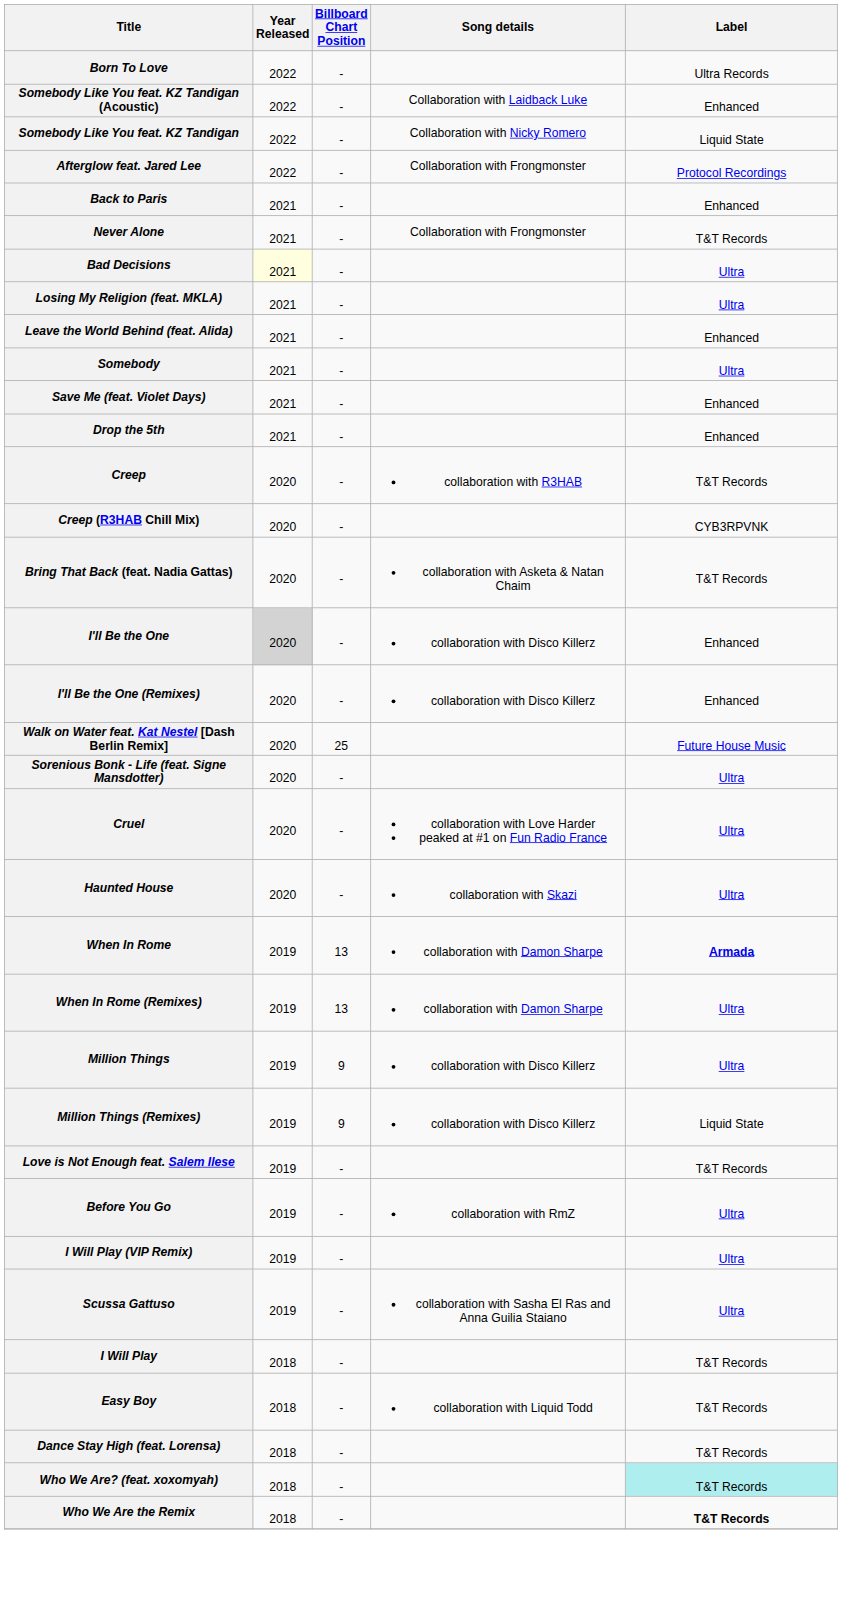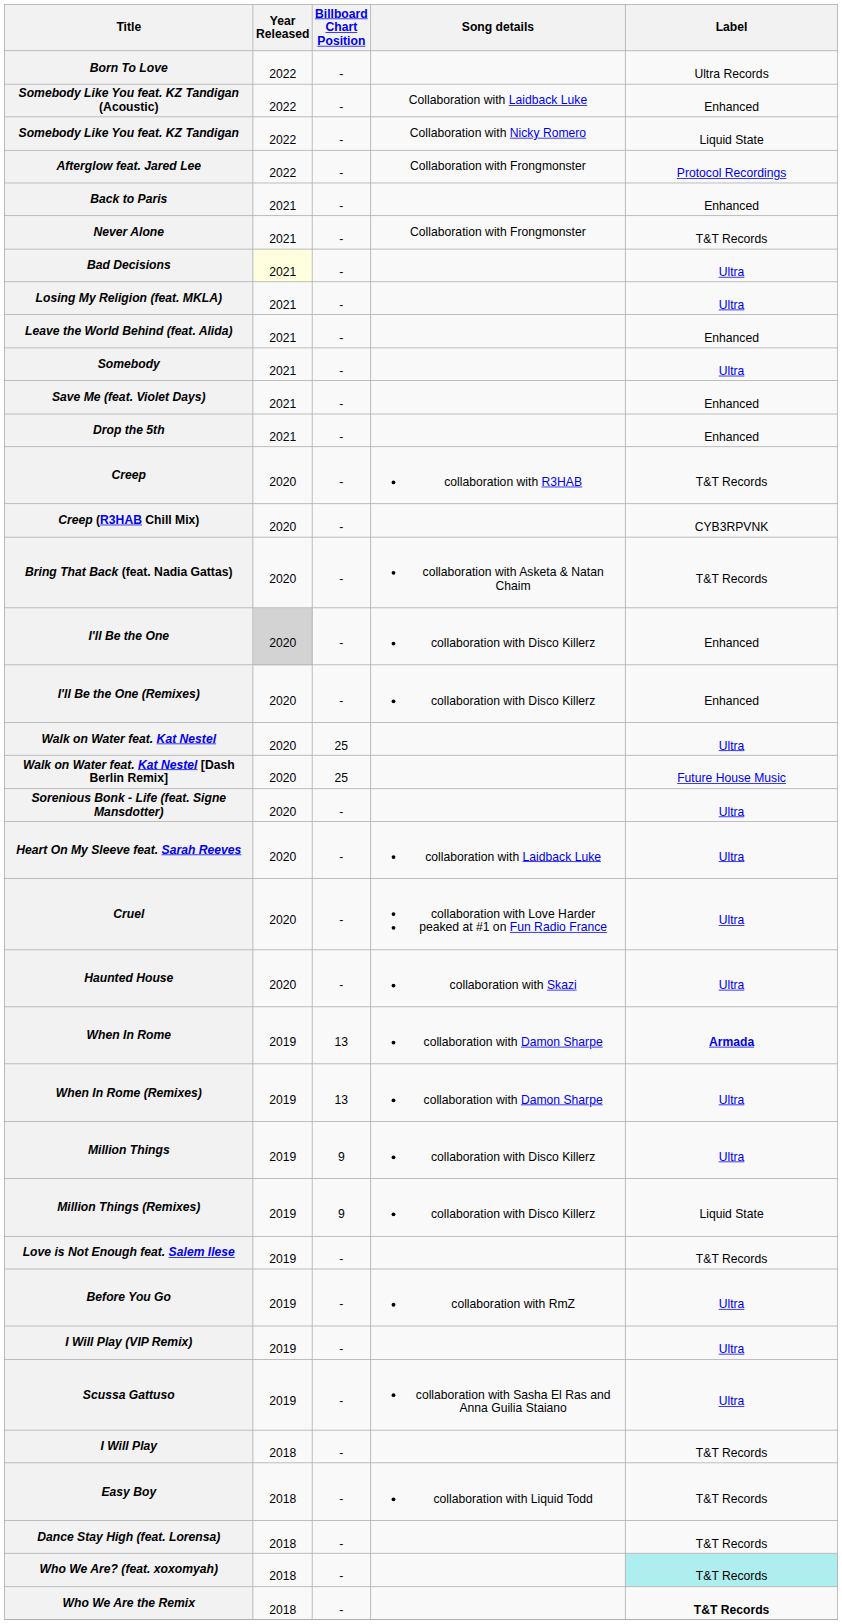 <table class="wikitable sortable" style="text-align:center;" border="1">
 <tr>
 <th scope="col" style="width:20em;">Title</th>
 <th scope="col" style="width:3em;">Year Released</th>
 <th scope="col" style="width:3em;"><a href='#'>Billboard Chart Position</a></th>
 <th scope="col" style="width:20.5em;">Song details</th>
 <th scope="col" style="width:17em;">Label</th>
 </tr>
 <tr>
 <th scope="row"><em>Born To Love</em></th>
 <td><br>2022</td>
 <td><br>-</td>
 <td></td>
 <td><br>Ultra Records</td>
 </tr>
 <tr>
 <th scope="row"><em>Somebody Like You feat. KZ Tandigan</em> (Acoustic)</th>
 <td><br>2022</td>
 <td><br>-</td>
 <td>Collaboration with <a href='#'>Laidback Luke</a></td>
 <td><br>Enhanced</td>
 </tr>
 <tr>
 <th scope="row"><em>Somebody Like You feat. KZ Tandigan</em></th>
 <td><br>2022</td>
 <td><br>-</td>
 <td>Collaboration with <a href='#'>Nicky Romero</a></td>
 <td><br>Liquid State</td>
 </tr>
 <tr>
 <th scope="row"><em>Afterglow feat. Jared Lee</em></th>
 <td><br>2022</td>
 <td><br>-</td>
 <td>Collaboration with Frongmonster</td>
 <td><br><a href='#'>Protocol Recordings</a></td>
 </tr>
 <tr>
 <th scope="row"><em>Back to Paris</em></th>
 <td><br>2021</td>
 <td><br>-</td>
 <td></td>
 <td><br>Enhanced</td>
 </tr>
 <tr>
 <th scope="row"><em>Never Alone</em></th>
 <td><br>2021</td>
 <td><br>-</td>
 <td>Collaboration with Frongmonster</td>
 <td><br>T&T Records</td>
 </tr>
 <tr>
 <th scope="row"><em>Bad Decisions</em></th>
 <td style="background: lightyellow;"><br>2021</td>
 <td><br>-</td>
 <td></td>
 <td><br><a href='#'>Ultra</a></td>
 </tr>
 <tr>
 <th scope="row"><em>Losing My Religion (feat. MKLA)</em></th>
 <td><br>2021</td>
 <td><br>-</td>
 <td></td>
 <td><br><a href='#'>Ultra</a></td>
 </tr>
 <tr>
 <th scope="row"><em>Leave the World Behind (feat. Alida)</em></th>
 <td><br>2021</td>
 <td><br>-</td>
 <td></td>
 <td><br>Enhanced</td>
 </tr>
 <tr>
 <th scope="row"><em>Somebody</em></th>
 <td><br>2021</td>
 <td><br>-</td>
 <td></td>
 <td><br><a href='#'>Ultra</a></td>
 </tr>
 <tr>
 <th scope="row"><em>Save Me (feat. Violet Days)</em></th>
 <td><br>2021</td>
 <td><br>-</td>
 <td></td>
 <td><br>Enhanced</td>
 </tr>
 <tr>
 <th scope="row"><em>Drop the 5th</em></th>
 <td><br>2021</td>
 <td><br>-</td>
 <td></td>
 <td><br>Enhanced</td>
 </tr>
 <tr>
 <th scope="row"><em>Creep</em></th>
 <td><br>2020</td>
 <td><br>-</td>
 <td><br><ul><li>collaboration with <a href='#'>R3HAB</a></li></ul></td>
 <td><br>T&T Records</td>
 </tr>
 <tr>
 <th scope="row"><em>Creep</em> (<a href='#'>R3HAB</a> Chill Mix)</th>
 <td><br>2020</td>
 <td><br>-</td>
 <td></td>
 <td><br>CYB3RPVNK</td>
 </tr>
 <tr>
 <th scope="row"><em>Bring That Back</em> (feat. Nadia Gattas)</th>
 <td><br>2020</td>
 <td><br>-</td>
 <td><br><ul><li>collaboration with Asketa & Natan Chaim</li></ul></td>
 <td><br>T&T Records</td>
 </tr>
 <tr>
 <th scope="row"><em>I'll Be the One</em></th>
 <td style="background: lightgrey;"><br>2020</td>
 <td><br>-</td>
 <td><br><ul><li>collaboration with Disco Killerz</li></ul></td>
 <td><br>Enhanced</td>
 </tr>
 <tr>
 <th scope="row"><em>I'll Be the One (Remixes)</em></th>
 <td><br>2020</td>
 <td><br>-</td>
 <td><br><ul><li>collaboration with Disco Killerz</li></ul></td>
 <td><br>Enhanced</td>
 </tr>
 <tr>
+<th scope="row"><em>Walk on Water feat. <a href='#'>Kat Nestel</a></em></th>
+<td><br>2020</td>
+<td><br>25</td>
+<td></td>
+<td><br><a href='#'>Ultra</a></td>
+</tr>
+<tr>
 <th scope="row"><em>Walk on Water feat. <a href='#'>Kat Nestel</a></em> [Dash Berlin Remix]</th>
 <td><br>2020</td>
 <td><br>25</td>
 <td></td>
 <td><br><a href='#'>Future House Music</a></td>
 </tr>
 <tr>
 <th scope="row"><em>Sorenious Bonk - Life (feat. Signe Mansdotter)</em></th>
 <td><br>2020</td>
 <td><br>-</td>
 <td></td>
+<td><br><a href='#'>Ultra</a></td>
+</tr>
+<tr>
+<th scope="row"><em>Heart On My Sleeve feat. <a href='#'>Sarah Reeves</a></em></th>
+<td><br>2020</td>
+<td><br>-</td>
+<td><br><ul><li>collaboration with <a href='#'>Laidback Luke</a></li></ul></td>
 <td><br><a href='#'>Ultra</a></td>
 </tr>
 <tr>
 <th scope="row"><em>Cruel</em></th>
 <td><br>2020</td>
 <td><br>-</td>
 <td><br><ul><li>collaboration with Love Harder</li><li>peaked at #1 on <a href='#'>Fun Radio France</a></li></ul></td>
 <td><br><a href='#'>Ultra</a></td>
 </tr>
 <tr>
 <th scope="row"><em>Haunted House </em></th>
 <td><br>2020</td>
 <td><br>-</td>
 <td><br><ul><li>collaboration with <a href='#'>Skazi</a></li></ul></td>
 <td><br><a href='#'>Ultra</a></td>
 </tr>
 <tr>
 <th scope="row"><em>When In Rome </em></th>
 <td><br>2019</td>
 <td><br>13</td>
 <td><br><ul><li>collaboration with <a href='#'>Damon Sharpe</a></li></ul></td>
 <td><strong><br><a href='#'>Armada</a></strong></td>
 </tr>
 <tr>
 <th scope="row"><em>When In Rome (Remixes) </em></th>
 <td><br>2019</td>
 <td><br>13</td>
 <td><br><ul><li>collaboration with <a href='#'>Damon Sharpe</a></li></ul></td>
 <td><br><a href='#'>Ultra</a></td>
 </tr>
 <tr>
 <th scope="row"><em>Million Things </em></th>
 <td><br>2019</td>
 <td><br>9</td>
 <td><br><ul><li>collaboration with Disco Killerz</li></ul></td>
 <td><br><a href='#'>Ultra</a></td>
 </tr>
 <tr>
 <th scope="row"><em>Million Things (Remixes) </em></th>
 <td><br>2019</td>
 <td><br>9</td>
 <td><br><ul><li>collaboration with Disco Killerz</li></ul></td>
 <td><br>Liquid State</td>
 </tr>
 <tr>
 <th scope="row"><em>Love is Not Enough feat. <a href='#'>Salem Ilese</a></em></th>
 <td><br>2019</td>
 <td><br>-</td>
 <td></td>
 <td><br>T&T Records</td>
 </tr>
 <tr>
 <th scope="row"><em>Before You Go</em></th>
 <td><br>2019</td>
 <td><br>-</td>
 <td><br><ul><li>collaboration with RmZ</li></ul></td>
 <td><br><a href='#'>Ultra</a></td>
 </tr>
 <tr>
 <th scope="row"><em>I Will Play (VIP Remix)</em></th>
 <td><br>2019</td>
 <td><br>-</td>
 <td></td>
 <td><br><a href='#'>Ultra</a></td>
 </tr>
 <tr>
 <th scope="row"><em>Scussa Gattuso</em></th>
 <td><br>2019</td>
 <td><br>-</td>
 <td><br><ul><li>collaboration with Sasha El Ras and Anna Guilia Staiano</li></ul></td>
 <td><br><a href='#'>Ultra</a></td>
 </tr>
 <tr>
 <th scope="row"><em>I Will Play</em></th>
 <td><br>2018</td>
 <td><br>-</td>
 <td></td>
 <td><br>T&T Records</td>
 </tr>
 <tr>
 <th scope="row"><em>Easy Boy</em></th>
 <td><br>2018</td>
 <td><br>-</td>
 <td><br><ul><li>collaboration with Liquid Todd</li></ul></td>
 <td><br>T&T Records</td>
 </tr>
 <tr>
 <th scope="row"><em>Dance Stay High (feat. Lorensa)</em></th>
 <td><br>2018</td>
 <td><br>-</td>
 <td></td>
 <td><br>T&T Records</td>
 </tr>
 <tr>
 <th scope="row"><em>Who We Are? (feat. xoxomyah)</em></th>
 <td><br>2018</td>
 <td><br>-</td>
 <td></td>
 <td style="background: paleturquoise;"><br>T&T Records</td>
 </tr>
 <tr>
 <th scope="row"><em>Who We Are the Remix</em></th>
 <td><br>2018</td>
 <td><br>-</td>
 <td></td>
 <td><strong><br>T&T Records</strong></td>
 </tr>
 <tr>
 </tr>
 </table>
